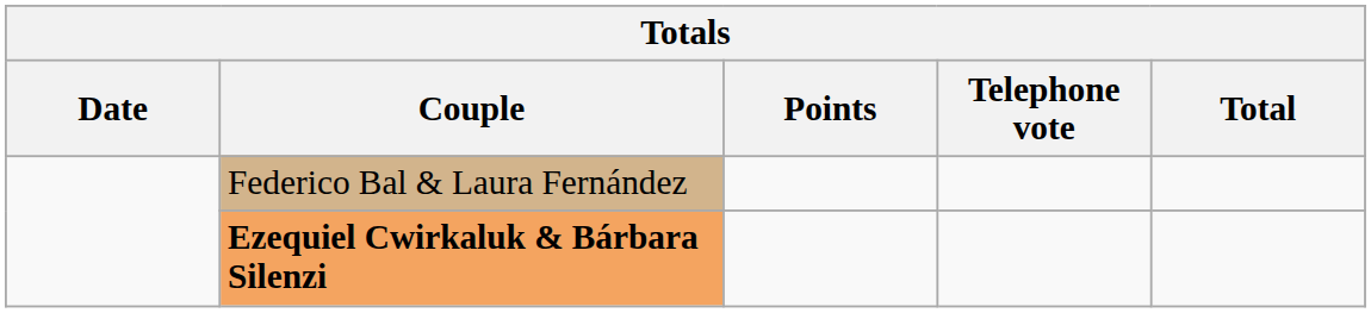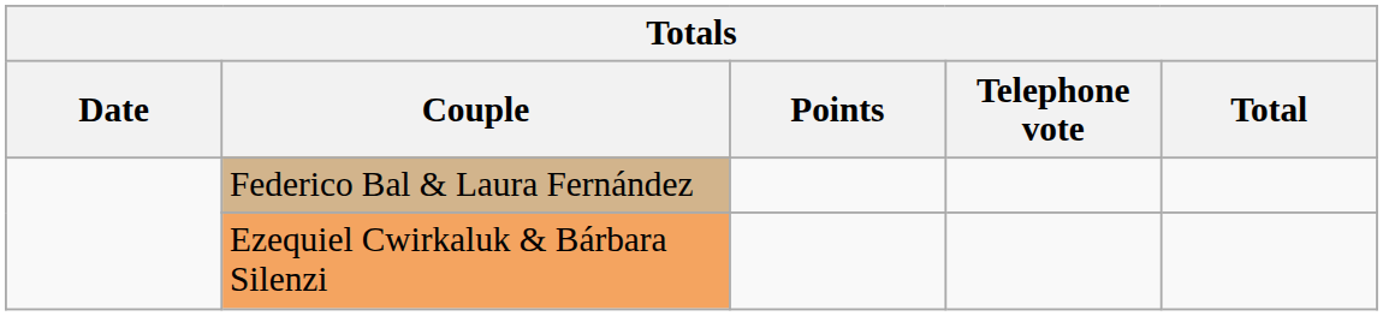 <table class="wikitable collapsible collapsed" style=" text-align: align; width: 100%;">
 <tr>
 <th colspan="11" style="with: 100%;" align="center">Totals</th>
 </tr>
 <tr>
 <th width=85>Date</th>
 <th width=210>Couple</th>
 <th width=85>Points</th>
 <th width=85>Telephone vote</th>
 <th width=85>Total</th>
 </tr>
 <tr>
 <td rowspan="2"></td>
 <td bgcolor="tan">Federico Bal & Laura Fernández</td>
 <td></td>
 <td></td>
 <td></td>
 </tr>
 <tr>
-<td bgcolor="sandybrown"><strong>Ezequiel Cwirkaluk & Bárbara Silenzi</strong></td>
+<td bgcolor="sandybrown">Ezequiel Cwirkaluk & Bárbara Silenzi</td>
 <td></td>
 <td></td>
 <td></td>
 </tr>
 </table>
